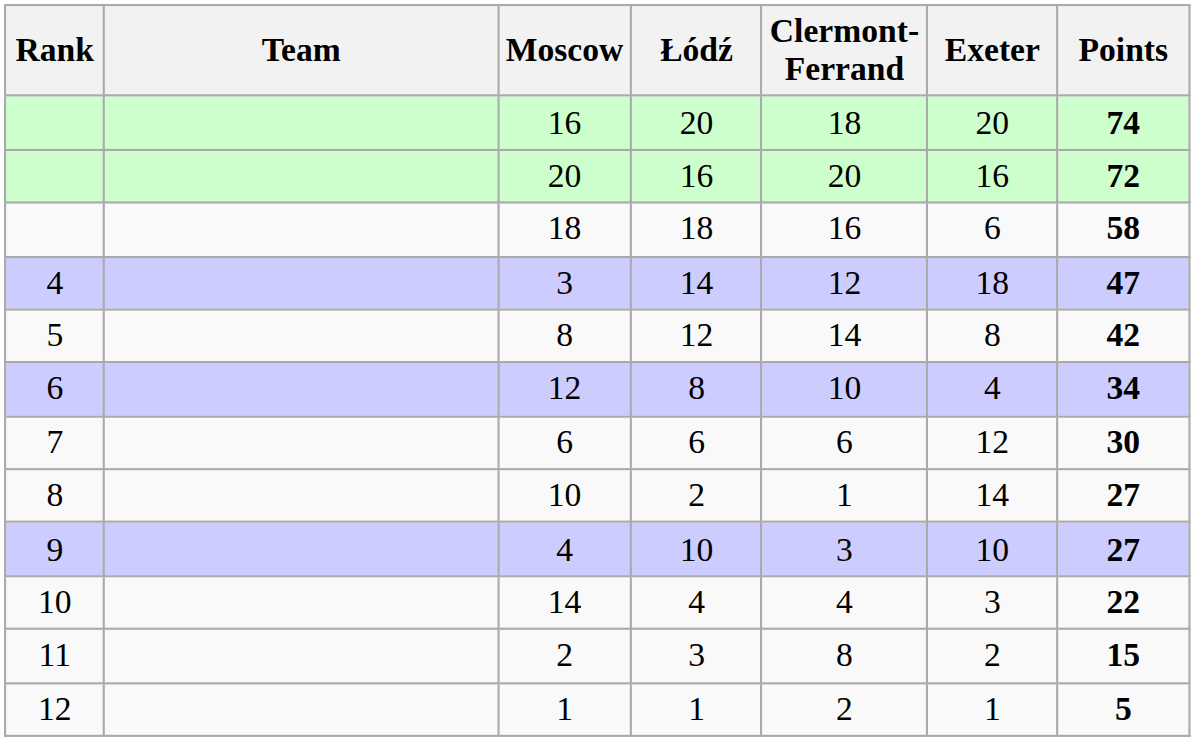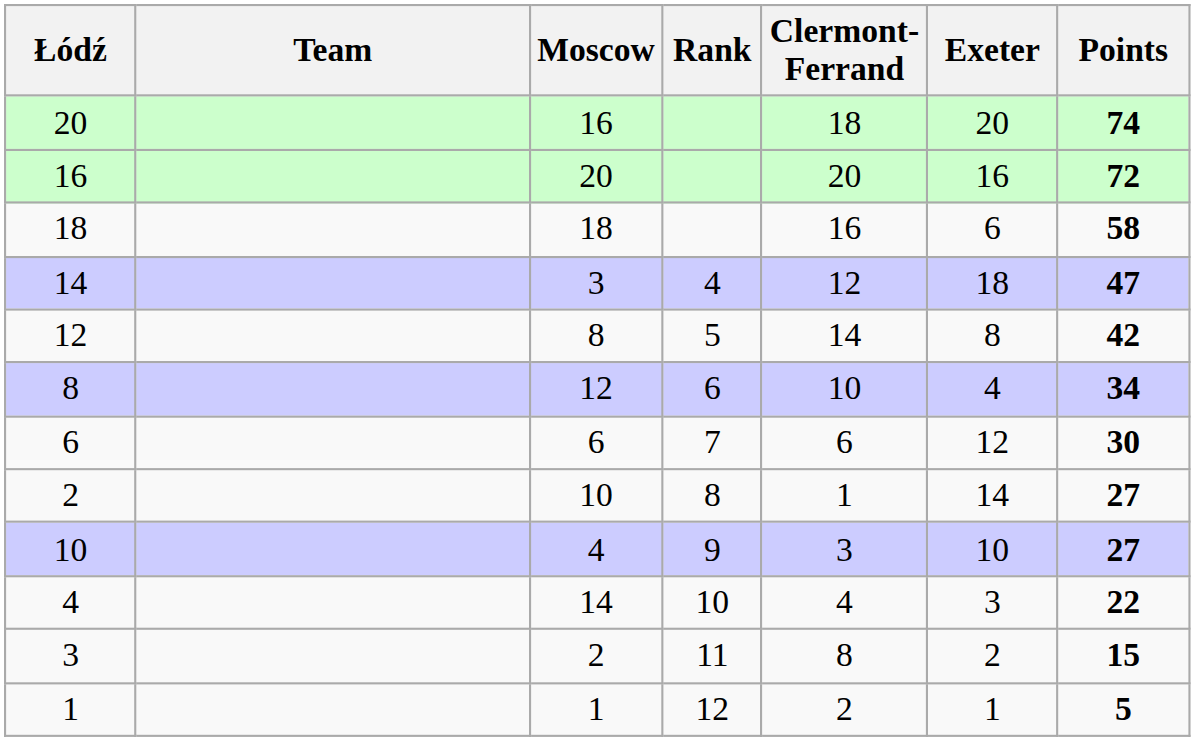 <table class="wikitable" style="text-align: center;">
 <tr>
-<th width=40>Rank</th>
+<th width=55>Łódź</th>
 <th width=180>Team</th>
 <th width=55>Moscow</th>
-<th width=55>Łódź</th>
+<th width=40>Rank</th>
 <th width=55>Clermont-Ferrand</th>
 <th width=55>Exeter</th>
 <th width=55>Points</th>
 </tr>
 <tr bgcolor=ccffcc>
-<td></td>
+<td>20</td>
 <td align=left></td>
 <td>16</td>
-<td>20</td>
+<td></td>
 <td>18</td>
 <td>20</td>
 <td><strong>74</strong></td>
 </tr>
 <tr bgcolor=ccffcc>
-<td></td>
+<td>16</td>
 <td align=left></td>
 <td>20</td>
-<td>16</td>
+<td></td>
 <td>20</td>
 <td>16</td>
 <td><strong>72</strong></td>
 </tr>
 <tr>
-<td></td>
+<td>18</td>
 <td align=left></td>
 <td>18</td>
-<td>18</td>
+<td></td>
 <td>16</td>
 <td>6</td>
 <td><strong>58</strong></td>
 </tr>
 <tr bgcolor=ccccff>
-<td>4</td>
+<td>14</td>
 <td align=left></td>
 <td>3</td>
-<td>14</td>
+<td>4</td>
 <td>12</td>
 <td>18</td>
 <td><strong>47</strong></td>
 </tr>
 <tr>
-<td>5</td>
+<td>12</td>
 <td align=left></td>
 <td>8</td>
-<td>12</td>
+<td>5</td>
 <td>14</td>
 <td>8</td>
 <td><strong>42</strong></td>
 </tr>
 <tr bgcolor=ccccff>
-<td>6</td>
+<td>8</td>
 <td align=left></td>
 <td>12</td>
-<td>8</td>
+<td>6</td>
 <td>10</td>
 <td>4</td>
 <td><strong>34</strong></td>
 </tr>
 <tr>
-<td>7</td>
+<td>6</td>
 <td align=left></td>
 <td>6</td>
-<td>6</td>
+<td>7</td>
 <td>6</td>
 <td>12</td>
 <td><strong>30</strong></td>
 </tr>
 <tr>
-<td>8</td>
+<td>2</td>
 <td align=left></td>
 <td>10</td>
-<td>2</td>
+<td>8</td>
 <td>1</td>
 <td>14</td>
 <td><strong>27</strong></td>
 </tr>
 <tr bgcolor=ccccff>
-<td>9</td>
+<td>10</td>
 <td align=left></td>
 <td>4</td>
-<td>10</td>
+<td>9</td>
 <td>3</td>
 <td>10</td>
 <td><strong>27</strong></td>
 </tr>
 <tr>
-<td>10</td>
+<td>4</td>
 <td align=left></td>
 <td>14</td>
-<td>4</td>
+<td>10</td>
 <td>4</td>
 <td>3</td>
 <td><strong>22</strong></td>
 </tr>
 <tr>
-<td>11</td>
+<td>3</td>
 <td align=left></td>
 <td>2</td>
-<td>3</td>
+<td>11</td>
 <td>8</td>
 <td>2</td>
 <td><strong>15</strong></td>
 </tr>
 <tr>
-<td>12</td>
+<td>1</td>
 <td align=left></td>
 <td>1</td>
-<td>1</td>
+<td>12</td>
 <td>2</td>
 <td>1</td>
 <td><strong>5</strong></td>
 </tr>
 </table>
